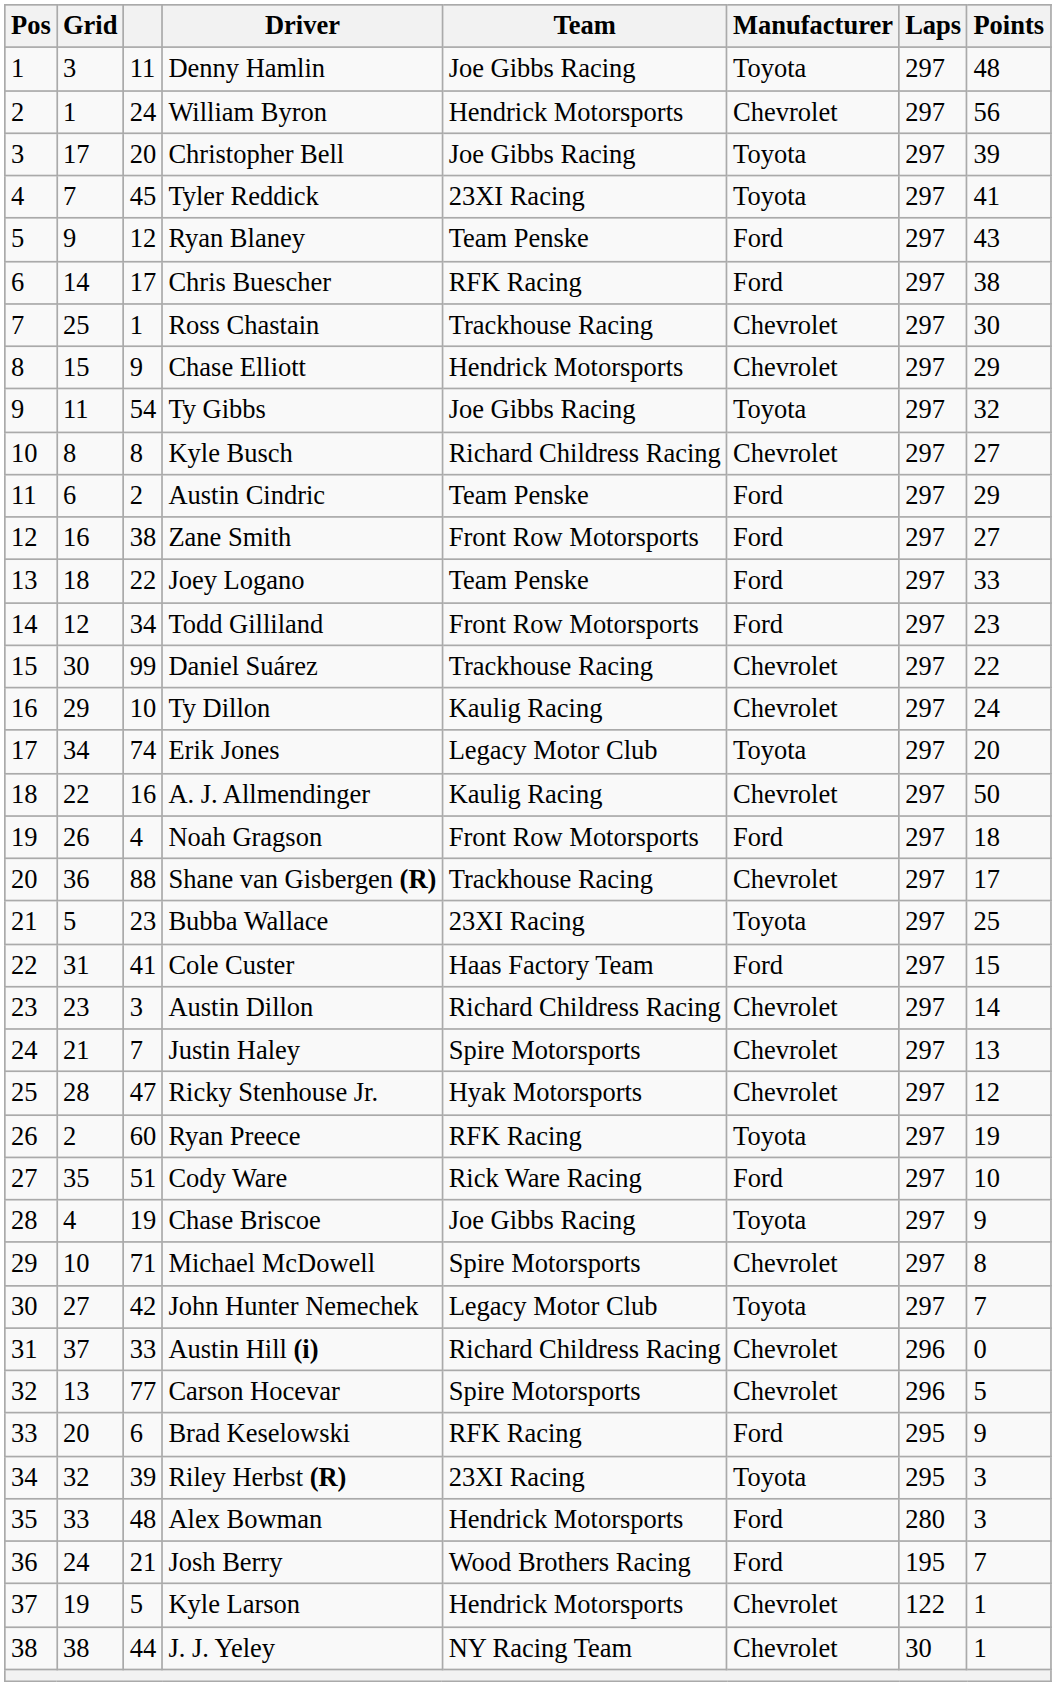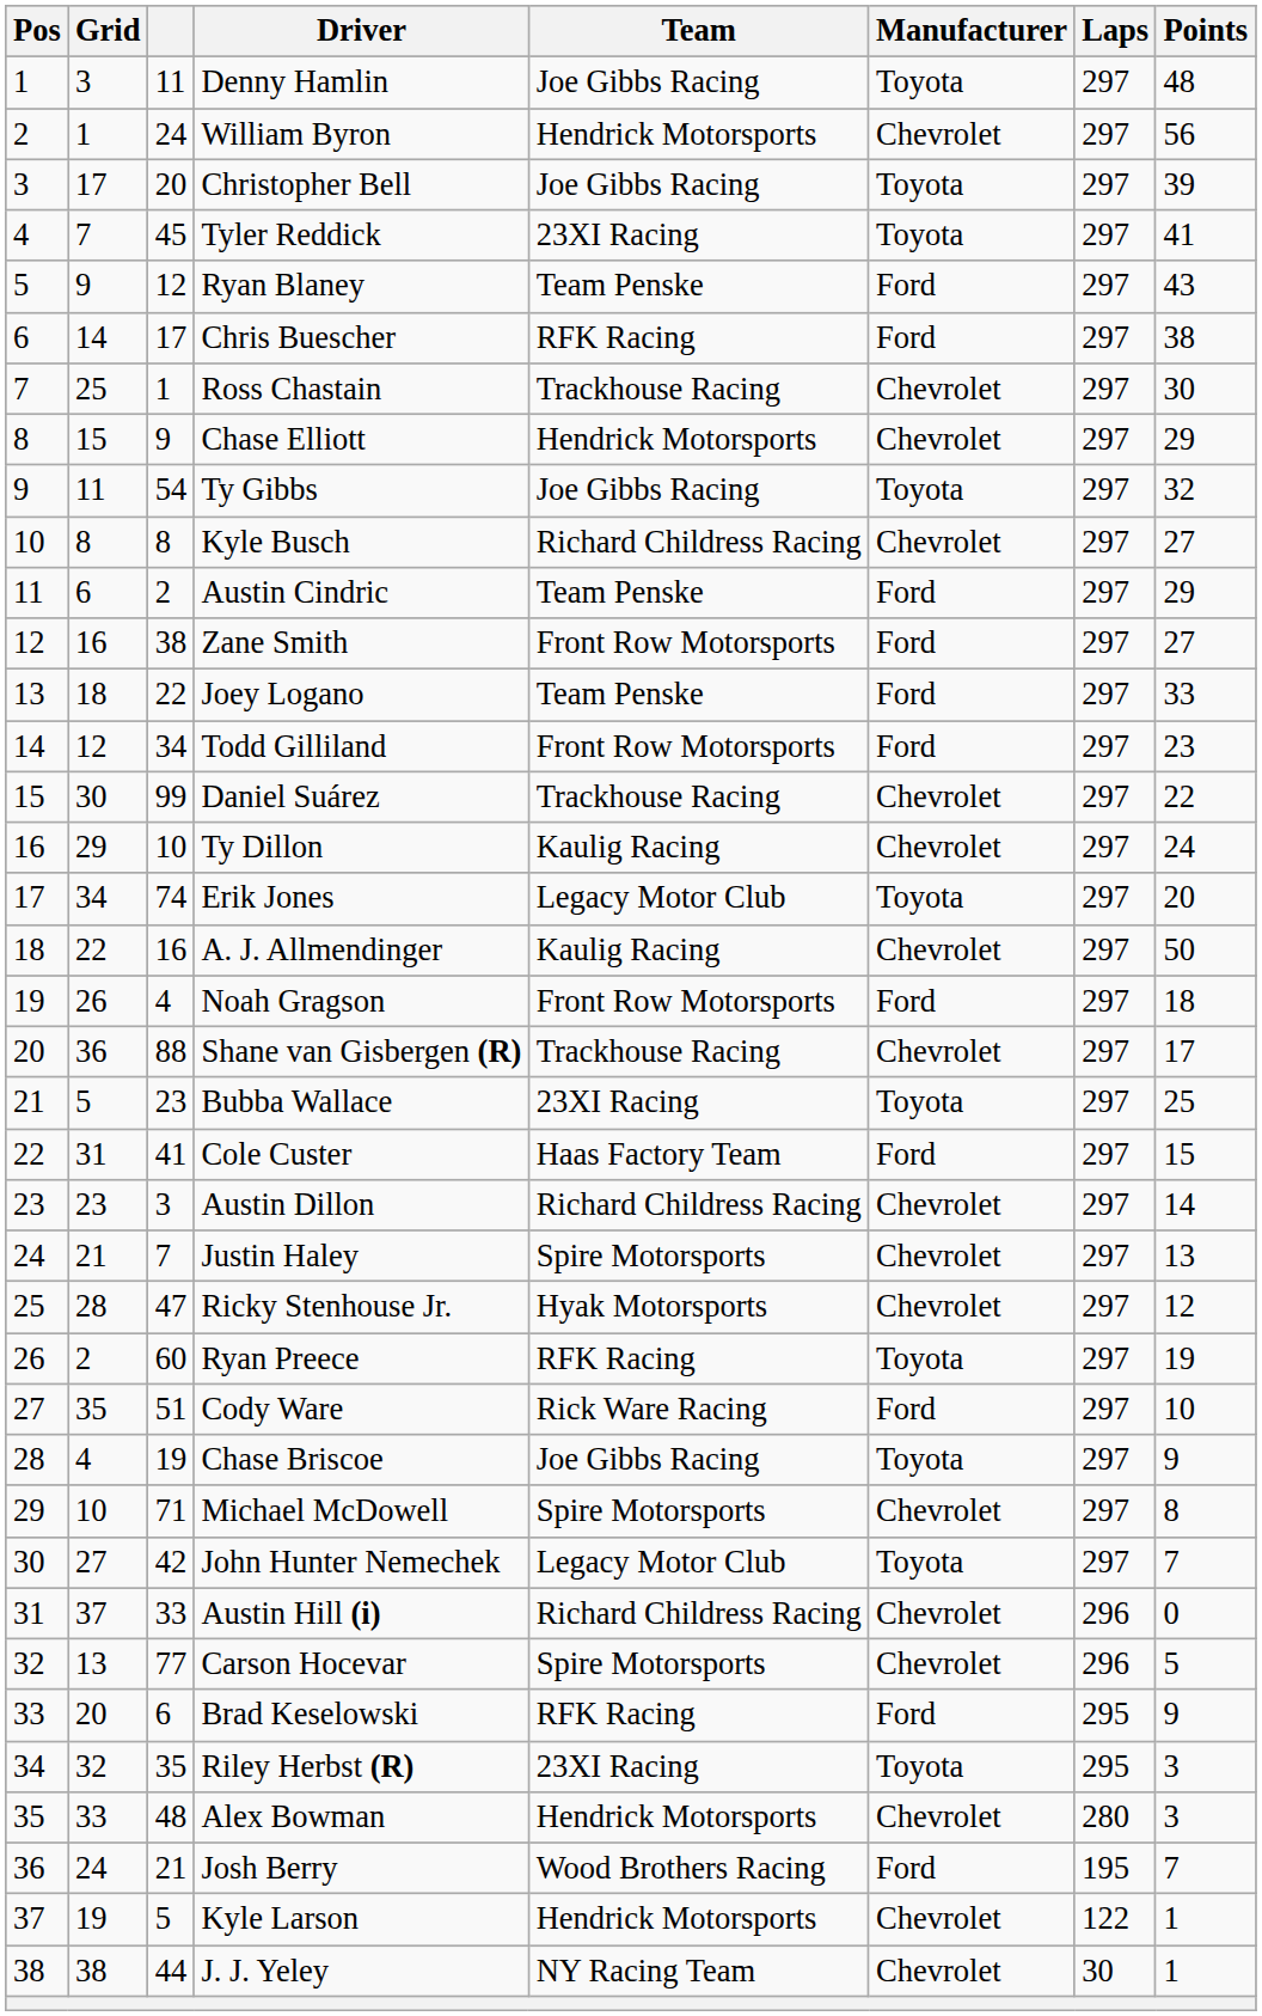 <table class="wikitable" style="font-size:98%">
 <tr>
 <th>Pos</th>
 <th>Grid</th>
 <th></th>
 <th>Driver</th>
 <th>Team</th>
 <th>Manufacturer</th>
 <th>Laps</th>
 <th>Points</th>
 </tr>
 <tr>
 <td>1</td>
 <td>3</td>
 <td>11</td>
 <td>Denny Hamlin</td>
 <td>Joe Gibbs Racing</td>
 <td>Toyota</td>
 <td>297</td>
 <td>48</td>
 </tr>
 <tr>
 <td>2</td>
 <td>1</td>
 <td>24</td>
 <td>William Byron</td>
 <td>Hendrick Motorsports</td>
 <td>Chevrolet</td>
 <td>297</td>
 <td>56</td>
 </tr>
 <tr>
 <td>3</td>
 <td>17</td>
 <td>20</td>
 <td>Christopher Bell</td>
 <td>Joe Gibbs Racing</td>
 <td>Toyota</td>
 <td>297</td>
 <td>39</td>
 </tr>
 <tr>
 <td>4</td>
 <td>7</td>
 <td>45</td>
 <td>Tyler Reddick</td>
 <td>23XI Racing</td>
 <td>Toyota</td>
 <td>297</td>
 <td>41</td>
 </tr>
 <tr>
 <td>5</td>
 <td>9</td>
 <td>12</td>
 <td>Ryan Blaney</td>
 <td>Team Penske</td>
 <td>Ford</td>
 <td>297</td>
 <td>43</td>
 </tr>
 <tr>
 <td>6</td>
 <td>14</td>
 <td>17</td>
 <td>Chris Buescher</td>
 <td>RFK Racing</td>
 <td>Ford</td>
 <td>297</td>
 <td>38</td>
 </tr>
 <tr>
 <td>7</td>
 <td>25</td>
 <td>1</td>
 <td>Ross Chastain</td>
 <td>Trackhouse Racing</td>
 <td>Chevrolet</td>
 <td>297</td>
 <td>30</td>
 </tr>
 <tr>
 <td>8</td>
 <td>15</td>
 <td>9</td>
 <td>Chase Elliott</td>
 <td>Hendrick Motorsports</td>
 <td>Chevrolet</td>
 <td>297</td>
 <td>29</td>
 </tr>
 <tr>
 <td>9</td>
 <td>11</td>
 <td>54</td>
 <td>Ty Gibbs</td>
 <td>Joe Gibbs Racing</td>
 <td>Toyota</td>
 <td>297</td>
 <td>32</td>
 </tr>
 <tr>
 <td>10</td>
 <td>8</td>
 <td>8</td>
 <td>Kyle Busch</td>
 <td>Richard Childress Racing</td>
 <td>Chevrolet</td>
 <td>297</td>
 <td>27</td>
 </tr>
 <tr>
 <td>11</td>
 <td>6</td>
 <td>2</td>
 <td>Austin Cindric</td>
 <td>Team Penske</td>
 <td>Ford</td>
 <td>297</td>
 <td>29</td>
 </tr>
 <tr>
 <td>12</td>
 <td>16</td>
 <td>38</td>
 <td>Zane Smith</td>
 <td>Front Row Motorsports</td>
 <td>Ford</td>
 <td>297</td>
 <td>27</td>
 </tr>
 <tr>
 <td>13</td>
 <td>18</td>
 <td>22</td>
 <td>Joey Logano</td>
 <td>Team Penske</td>
 <td>Ford</td>
 <td>297</td>
 <td>33</td>
 </tr>
 <tr>
 <td>14</td>
 <td>12</td>
 <td>34</td>
 <td>Todd Gilliland</td>
 <td>Front Row Motorsports</td>
 <td>Ford</td>
 <td>297</td>
 <td>23</td>
 </tr>
 <tr>
 <td>15</td>
 <td>30</td>
 <td>99</td>
 <td>Daniel Suárez</td>
 <td>Trackhouse Racing</td>
 <td>Chevrolet</td>
 <td>297</td>
 <td>22</td>
 </tr>
 <tr>
 <td>16</td>
 <td>29</td>
 <td>10</td>
 <td>Ty Dillon</td>
 <td>Kaulig Racing</td>
 <td>Chevrolet</td>
 <td>297</td>
 <td>24</td>
 </tr>
 <tr>
 <td>17</td>
 <td>34</td>
 <td>74</td>
 <td>Erik Jones</td>
 <td>Legacy Motor Club</td>
 <td>Toyota</td>
 <td>297</td>
 <td>20</td>
 </tr>
 <tr>
 <td>18</td>
 <td>22</td>
 <td>16</td>
 <td>A. J. Allmendinger</td>
 <td>Kaulig Racing</td>
 <td>Chevrolet</td>
 <td>297</td>
 <td>50</td>
 </tr>
 <tr>
 <td>19</td>
 <td>26</td>
 <td>4</td>
 <td>Noah Gragson</td>
 <td>Front Row Motorsports</td>
 <td>Ford</td>
 <td>297</td>
 <td>18</td>
 </tr>
 <tr>
 <td>20</td>
 <td>36</td>
 <td>88</td>
 <td>Shane van Gisbergen <strong>(R)</strong></td>
 <td>Trackhouse Racing</td>
 <td>Chevrolet</td>
 <td>297</td>
 <td>17</td>
 </tr>
 <tr>
 <td>21</td>
 <td>5</td>
 <td>23</td>
 <td>Bubba Wallace</td>
 <td>23XI Racing</td>
 <td>Toyota</td>
 <td>297</td>
 <td>25</td>
 </tr>
 <tr>
 <td>22</td>
 <td>31</td>
 <td>41</td>
 <td>Cole Custer</td>
 <td>Haas Factory Team</td>
 <td>Ford</td>
 <td>297</td>
 <td>15</td>
 </tr>
 <tr>
 <td>23</td>
 <td>23</td>
 <td>3</td>
 <td>Austin Dillon</td>
 <td>Richard Childress Racing</td>
 <td>Chevrolet</td>
 <td>297</td>
 <td>14</td>
 </tr>
 <tr>
 <td>24</td>
 <td>21</td>
 <td>7</td>
 <td>Justin Haley</td>
 <td>Spire Motorsports</td>
 <td>Chevrolet</td>
 <td>297</td>
 <td>13</td>
 </tr>
 <tr>
 <td>25</td>
 <td>28</td>
 <td>47</td>
 <td>Ricky Stenhouse Jr.</td>
 <td>Hyak Motorsports</td>
 <td>Chevrolet</td>
 <td>297</td>
 <td>12</td>
 </tr>
 <tr>
 <td>26</td>
 <td>2</td>
 <td>60</td>
 <td>Ryan Preece</td>
 <td>RFK Racing</td>
 <td>Toyota</td>
 <td>297</td>
 <td>19</td>
 </tr>
 <tr>
 <td>27</td>
 <td>35</td>
 <td>51</td>
 <td>Cody Ware</td>
 <td>Rick Ware Racing</td>
 <td>Ford</td>
 <td>297</td>
 <td>10</td>
 </tr>
 <tr>
 <td>28</td>
 <td>4</td>
 <td>19</td>
 <td>Chase Briscoe</td>
 <td>Joe Gibbs Racing</td>
 <td>Toyota</td>
 <td>297</td>
 <td>9</td>
 </tr>
 <tr>
 <td>29</td>
 <td>10</td>
 <td>71</td>
 <td>Michael McDowell</td>
 <td>Spire Motorsports</td>
 <td>Chevrolet</td>
 <td>297</td>
 <td>8</td>
 </tr>
 <tr>
 <td>30</td>
 <td>27</td>
 <td>42</td>
 <td>John Hunter Nemechek</td>
 <td>Legacy Motor Club</td>
 <td>Toyota</td>
 <td>297</td>
 <td>7</td>
 </tr>
 <tr>
 <td>31</td>
 <td>37</td>
 <td>33</td>
 <td>Austin Hill <strong>(i)</strong></td>
 <td>Richard Childress Racing</td>
 <td>Chevrolet</td>
 <td>296</td>
 <td>0</td>
 </tr>
 <tr>
 <td>32</td>
 <td>13</td>
 <td>77</td>
 <td>Carson Hocevar</td>
 <td>Spire Motorsports</td>
 <td>Chevrolet</td>
 <td>296</td>
 <td>5</td>
 </tr>
 <tr>
 <td>33</td>
 <td>20</td>
 <td>6</td>
 <td>Brad Keselowski</td>
 <td>RFK Racing</td>
 <td>Ford</td>
 <td>295</td>
 <td>9</td>
 </tr>
 <tr>
 <td>34</td>
 <td>32</td>
-<td>39</td>
+<td>35</td>
 <td>Riley Herbst <strong>(R)</strong></td>
 <td>23XI Racing</td>
 <td>Toyota</td>
 <td>295</td>
 <td>3</td>
 </tr>
 <tr>
 <td>35</td>
 <td>33</td>
 <td>48</td>
 <td>Alex Bowman</td>
 <td>Hendrick Motorsports</td>
-<td>Ford</td>
+<td>Chevrolet</td>
 <td>280</td>
 <td>3</td>
 </tr>
 <tr>
 <td>36</td>
 <td>24</td>
 <td>21</td>
 <td>Josh Berry</td>
 <td>Wood Brothers Racing</td>
 <td>Ford</td>
 <td>195</td>
 <td>7</td>
 </tr>
 <tr>
 <td>37</td>
 <td>19</td>
 <td>5</td>
 <td>Kyle Larson</td>
 <td>Hendrick Motorsports</td>
 <td>Chevrolet</td>
 <td>122</td>
 <td>1</td>
 </tr>
 <tr>
 <td>38</td>
 <td>38</td>
 <td>44</td>
 <td>J. J. Yeley</td>
 <td>NY Racing Team</td>
 <td>Chevrolet</td>
 <td>30</td>
 <td>1</td>
 </tr>
 <tr>
 <th colspan="8"></th>
 </tr>
 </table>
